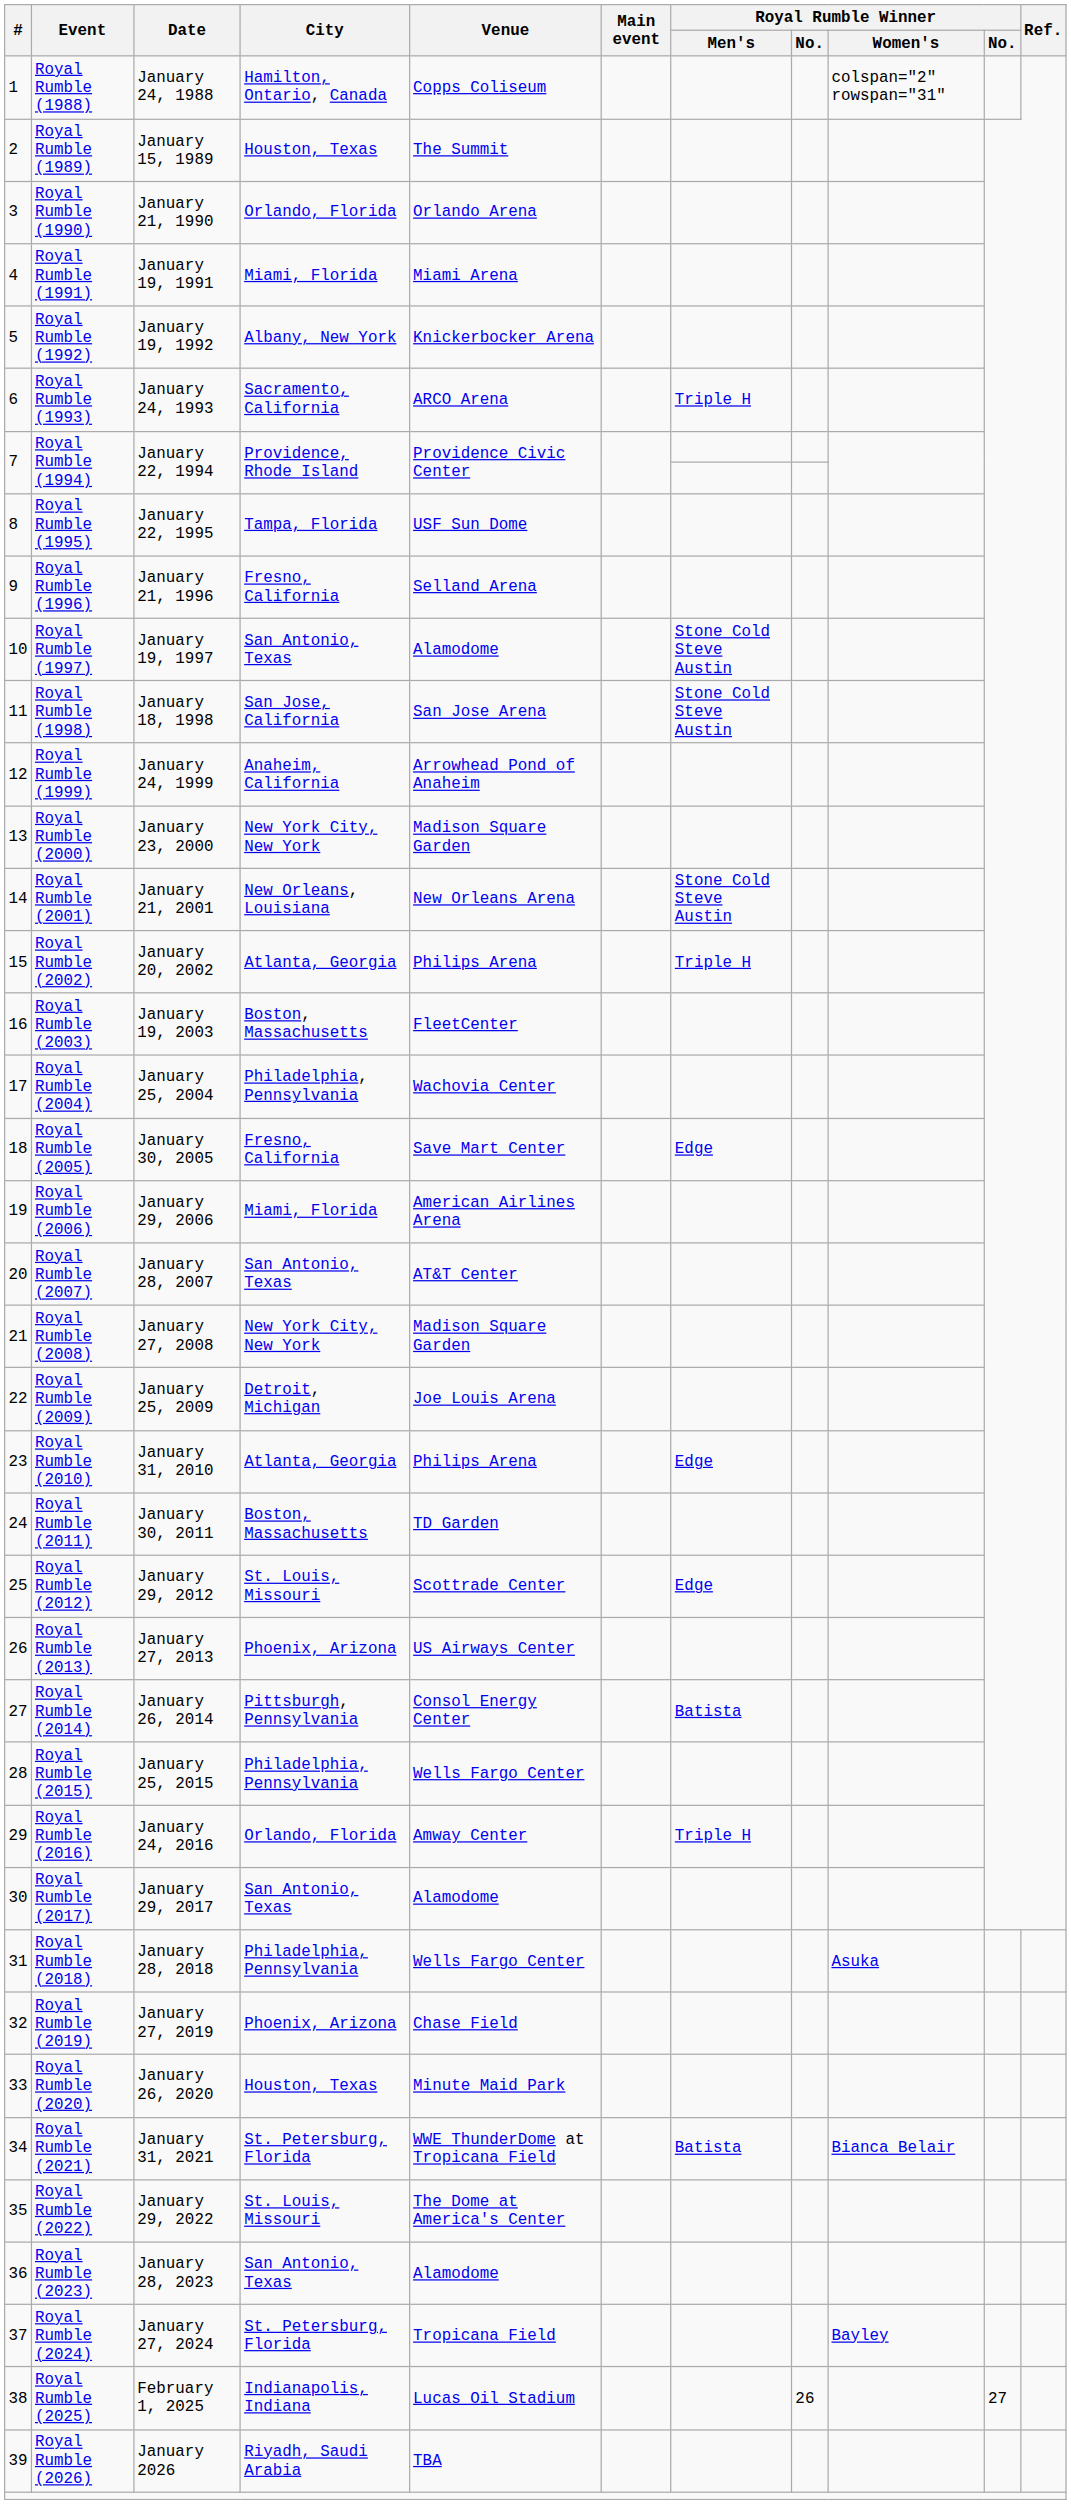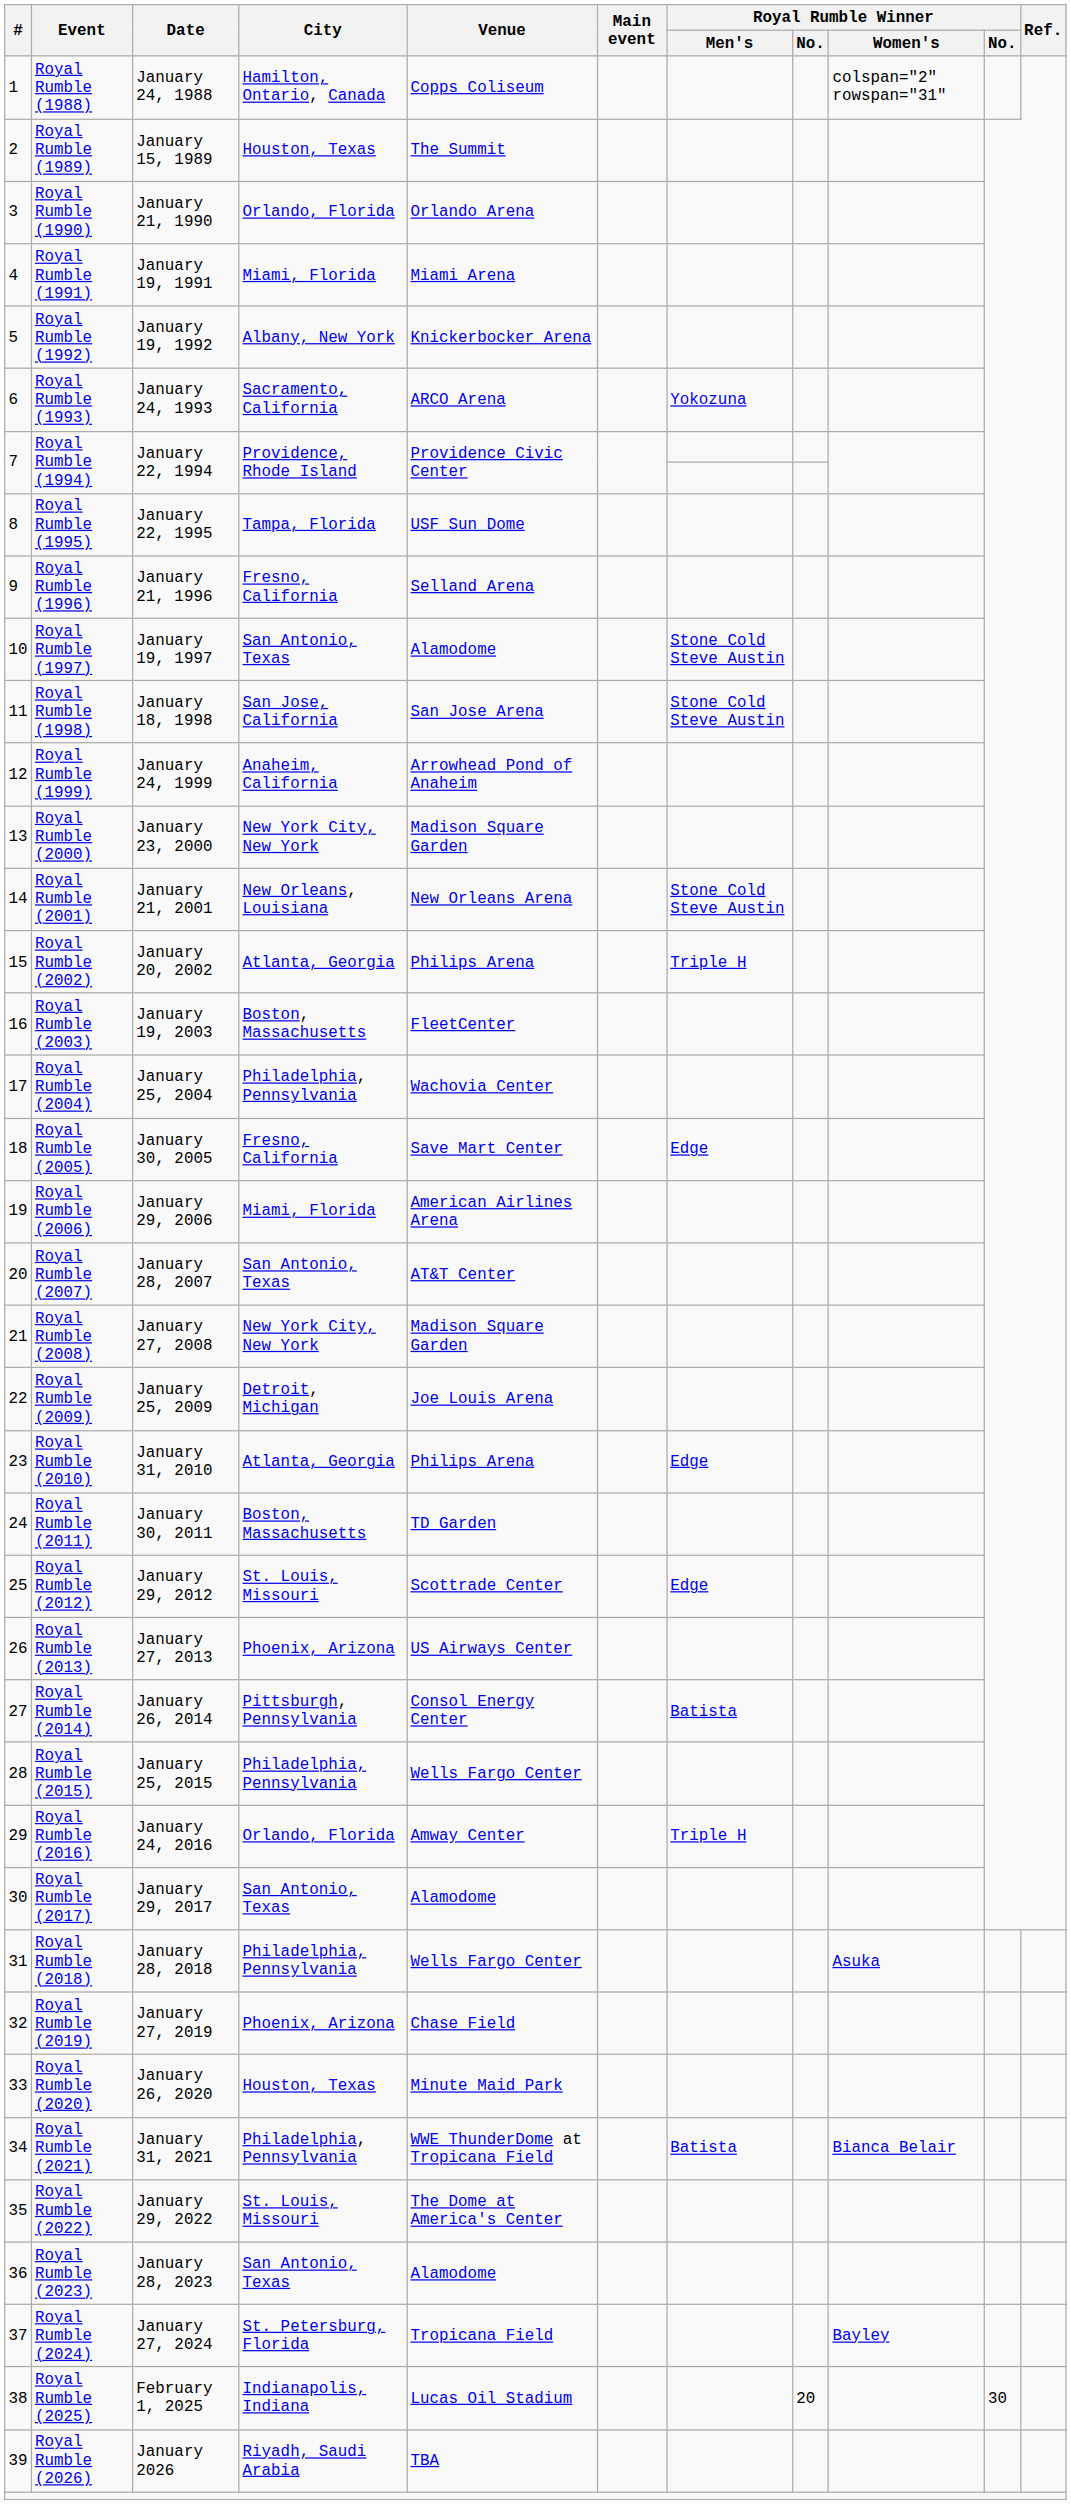 <table class="wikitable plainrowheaders sortable">
 <tr>
 <th rowspan="2" scope="col">#</th>
 <th rowspan="2">Event</th>
 <th rowspan="2">Date</th>
 <th rowspan="2">City</th>
 <th rowspan="2">Venue</th>
 <th rowspan="2">Main event</th>
 <th colspan="4">Royal Rumble Winner</th>
 <th class="unsortable" rowspan="2">Ref.</th>
 </tr>
 <tr>
 <th>Men's</th>
 <th>No.</th>
 <th>Women's</th>
 <th>No.</th>
 </tr>
 <tr>
 <td>1</td>
 <td scope="row"><a href='#'>Royal Rumble (1988)</a></td>
 <td>January 24, 1988</td>
 <td><a href='#'>Hamilton, Ontario</a>, <a href='#'>Canada</a></td>
 <td><a href='#'>Copps Coliseum</a></td>
 <td></td>
 <td></td>
 <td></td>
 <td>colspan="2" rowspan="31" </td>
 <td></td>
 </tr>
 <tr>
 <td>2</td>
 <td scope="row"><a href='#'>Royal Rumble (1989)</a></td>
 <td>January 15, 1989</td>
 <td><a href='#'>Houston, Texas</a></td>
 <td><a href='#'>The Summit</a></td>
 <td></td>
 <td></td>
 <td></td>
 <td></td>
 </tr>
 <tr>
 <td>3</td>
 <td scope="row"><a href='#'>Royal Rumble (1990)</a></td>
 <td>January 21, 1990</td>
 <td><a href='#'>Orlando, Florida</a></td>
 <td><a href='#'>Orlando Arena</a></td>
 <td></td>
 <td></td>
 <td></td>
 <td></td>
 </tr>
 <tr>
 <td>4</td>
 <td scope="row"><a href='#'>Royal Rumble (1991)</a></td>
 <td>January 19, 1991</td>
 <td><a href='#'>Miami, Florida</a></td>
 <td><a href='#'>Miami Arena</a></td>
 <td></td>
 <td></td>
 <td></td>
 <td></td>
 </tr>
 <tr>
 <td>5</td>
 <td scope="row"><a href='#'>Royal Rumble (1992)</a></td>
 <td>January 19, 1992</td>
 <td><a href='#'>Albany, New York</a></td>
 <td><a href='#'>Knickerbocker Arena</a></td>
 <td></td>
 <td></td>
 <td></td>
 <td></td>
 </tr>
 <tr>
 <td>6</td>
 <td scope="row"><a href='#'>Royal Rumble (1993)</a></td>
 <td>January 24, 1993</td>
 <td><a href='#'>Sacramento, California</a></td>
 <td><a href='#'>ARCO Arena</a></td>
 <td></td>
-<td><a href='#'>Triple H</a></td>
+<td><a href='#'>Yokozuna</a></td>
 <td></td>
 <td></td>
 </tr>
 <tr>
 <td rowspan="2">7</td>
 <td rowspan="2" scope="row"><a href='#'>Royal Rumble (1994)</a></td>
 <td rowspan="2">January 22, 1994</td>
 <td rowspan="2"><a href='#'>Providence, Rhode Island</a></td>
 <td rowspan="2"><a href='#'>Providence Civic Center</a></td>
 <td rowspan="2"></td>
 <td></td>
 <td></td>
 <td rowspan="2"></td>
 </tr>
 <tr>
 <td></td>
 <td></td>
 </tr>
 <tr>
 <td>8</td>
 <td scope="row"><a href='#'>Royal Rumble (1995)</a></td>
 <td>January 22, 1995</td>
 <td><a href='#'>Tampa, Florida</a></td>
 <td><a href='#'>USF Sun Dome</a></td>
 <td></td>
 <td></td>
 <td></td>
 <td></td>
 </tr>
 <tr>
 <td>9</td>
 <td scope="row"><a href='#'>Royal Rumble (1996)</a></td>
 <td>January 21, 1996</td>
 <td><a href='#'>Fresno, California</a></td>
 <td><a href='#'>Selland Arena</a></td>
 <td></td>
 <td></td>
 <td></td>
 <td></td>
 </tr>
 <tr>
 <td>10</td>
 <td scope="row"><a href='#'>Royal Rumble (1997)</a></td>
 <td>January 19, 1997</td>
 <td><a href='#'>San Antonio, Texas</a></td>
 <td><a href='#'>Alamodome</a></td>
 <td></td>
 <td><a href='#'>Stone Cold Steve Austin</a></td>
 <td></td>
 <td></td>
 </tr>
 <tr>
 <td>11</td>
 <td scope="row"><a href='#'>Royal Rumble (1998)</a></td>
 <td>January 18, 1998</td>
 <td><a href='#'>San Jose, California</a></td>
 <td><a href='#'>San Jose Arena</a></td>
 <td></td>
 <td><a href='#'>Stone Cold Steve Austin</a></td>
 <td></td>
 <td></td>
 </tr>
 <tr>
 <td>12</td>
 <td scope="row"><a href='#'>Royal Rumble (1999)</a></td>
 <td>January 24, 1999</td>
 <td><a href='#'>Anaheim, California</a></td>
 <td><a href='#'>Arrowhead Pond of Anaheim</a></td>
 <td></td>
 <td></td>
 <td></td>
 <td></td>
 </tr>
 <tr>
 <td>13</td>
 <td scope="row"><a href='#'>Royal Rumble (2000)</a></td>
 <td>January 23, 2000</td>
 <td><a href='#'>New York City, New York</a></td>
 <td><a href='#'>Madison Square Garden</a></td>
 <td></td>
 <td></td>
 <td></td>
 <td></td>
 </tr>
 <tr>
 <td>14</td>
 <td scope="row"><a href='#'>Royal Rumble (2001)</a></td>
 <td>January 21, 2001</td>
 <td><a href='#'>New Orleans</a>, <a href='#'>Louisiana</a></td>
 <td><a href='#'>New Orleans Arena</a></td>
 <td></td>
 <td><a href='#'>Stone Cold Steve Austin</a></td>
 <td></td>
 <td></td>
 </tr>
 <tr>
 <td>15</td>
 <td scope="row"><a href='#'>Royal Rumble (2002)</a></td>
 <td>January 20, 2002</td>
 <td><a href='#'>Atlanta, Georgia</a></td>
 <td><a href='#'>Philips Arena</a></td>
 <td></td>
 <td><a href='#'>Triple H</a></td>
 <td></td>
 <td></td>
 </tr>
 <tr>
 <td>16</td>
 <td scope="row"><a href='#'>Royal Rumble (2003)</a></td>
 <td>January 19, 2003</td>
 <td><a href='#'>Boston</a>, <a href='#'>Massachusetts</a></td>
 <td><a href='#'>FleetCenter</a></td>
 <td></td>
 <td></td>
 <td></td>
 <td></td>
 </tr>
 <tr>
 <td>17</td>
 <td scope="row"><a href='#'>Royal Rumble (2004)</a></td>
 <td>January 25, 2004</td>
 <td><a href='#'>Philadelphia</a>, <a href='#'>Pennsylvania</a></td>
 <td><a href='#'>Wachovia Center</a></td>
 <td></td>
 <td></td>
 <td></td>
 <td></td>
 </tr>
 <tr>
 <td>18</td>
 <td scope="row"><a href='#'>Royal Rumble (2005)</a></td>
 <td>January 30, 2005</td>
 <td><a href='#'>Fresno, California</a></td>
 <td><a href='#'>Save Mart Center</a></td>
 <td></td>
 <td><a href='#'>Edge</a></td>
 <td></td>
 <td></td>
 </tr>
 <tr>
 <td>19</td>
 <td scope="row"><a href='#'>Royal Rumble (2006)</a></td>
 <td>January 29, 2006</td>
 <td><a href='#'>Miami, Florida</a></td>
 <td><a href='#'>American Airlines Arena</a></td>
 <td></td>
 <td></td>
 <td></td>
 <td></td>
 </tr>
 <tr>
 <td>20</td>
 <td scope="row"><a href='#'>Royal Rumble (2007)</a></td>
 <td>January 28, 2007</td>
 <td><a href='#'>San Antonio, Texas</a></td>
 <td><a href='#'>AT&T Center</a></td>
 <td></td>
 <td></td>
 <td></td>
 <td></td>
 </tr>
 <tr>
 <td>21</td>
 <td scope="row"><a href='#'>Royal Rumble (2008)</a></td>
 <td>January 27, 2008</td>
 <td><a href='#'>New York City, New York</a></td>
 <td><a href='#'>Madison Square Garden</a></td>
 <td></td>
 <td></td>
 <td></td>
 <td></td>
 </tr>
 <tr>
 <td>22</td>
 <td scope="row"><a href='#'>Royal Rumble (2009)</a></td>
 <td>January 25, 2009</td>
 <td><a href='#'>Detroit</a>, <a href='#'>Michigan</a></td>
 <td><a href='#'>Joe Louis Arena</a></td>
 <td></td>
 <td></td>
 <td></td>
 <td></td>
 </tr>
 <tr>
 <td>23</td>
 <td scope="row"><a href='#'>Royal Rumble (2010)</a></td>
 <td>January 31, 2010</td>
 <td><a href='#'>Atlanta, Georgia</a></td>
 <td><a href='#'>Philips Arena</a></td>
 <td></td>
 <td><a href='#'>Edge</a></td>
 <td></td>
 <td></td>
 </tr>
 <tr>
 <td>24</td>
 <td scope="row"><a href='#'>Royal Rumble (2011)</a></td>
 <td>January 30, 2011</td>
 <td><a href='#'>Boston, Massachusetts</a></td>
 <td><a href='#'>TD Garden</a></td>
 <td></td>
 <td></td>
 <td></td>
 <td></td>
 </tr>
 <tr>
 <td>25</td>
 <td scope="row"><a href='#'>Royal Rumble (2012)</a></td>
 <td>January 29, 2012</td>
 <td><a href='#'>St. Louis, Missouri</a></td>
 <td><a href='#'>Scottrade Center</a></td>
 <td></td>
 <td><a href='#'>Edge</a></td>
 <td></td>
 <td></td>
 </tr>
 <tr>
 <td>26</td>
 <td scope="row"><a href='#'>Royal Rumble (2013)</a></td>
 <td>January 27, 2013</td>
 <td><a href='#'>Phoenix, Arizona</a></td>
 <td><a href='#'>US Airways Center</a></td>
 <td></td>
 <td></td>
 <td></td>
 <td></td>
 </tr>
 <tr>
 <td>27</td>
 <td scope="row"><a href='#'>Royal Rumble (2014)</a></td>
 <td>January 26, 2014</td>
 <td><a href='#'>Pittsburgh</a>, <a href='#'>Pennsylvania</a></td>
 <td><a href='#'>Consol Energy Center</a></td>
 <td></td>
 <td><a href='#'>Batista</a></td>
 <td></td>
 <td></td>
 </tr>
 <tr>
 <td>28</td>
 <td scope="row"><a href='#'>Royal Rumble (2015)</a></td>
 <td>January 25, 2015</td>
 <td><a href='#'>Philadelphia, Pennsylvania</a></td>
 <td><a href='#'>Wells Fargo Center</a></td>
 <td></td>
 <td></td>
 <td></td>
 <td></td>
 </tr>
 <tr>
 <td>29</td>
 <td scope="row"><a href='#'>Royal Rumble (2016)</a></td>
 <td>January 24, 2016</td>
 <td><a href='#'>Orlando, Florida</a></td>
 <td><a href='#'>Amway Center</a></td>
 <td></td>
 <td><a href='#'>Triple H</a></td>
 <td></td>
 <td></td>
 </tr>
 <tr>
 <td>30</td>
 <td scope="row"><a href='#'>Royal Rumble (2017)</a></td>
 <td>January 29, 2017</td>
 <td><a href='#'>San Antonio, Texas</a></td>
 <td><a href='#'>Alamodome</a></td>
 <td></td>
 <td></td>
 <td></td>
 <td></td>
 </tr>
 <tr>
 <td>31</td>
 <td scope="row"><a href='#'>Royal Rumble (2018)</a></td>
 <td>January 28, 2018</td>
 <td><a href='#'>Philadelphia, Pennsylvania</a></td>
 <td><a href='#'>Wells Fargo Center</a></td>
 <td></td>
 <td></td>
 <td></td>
 <td><a href='#'>Asuka</a></td>
 <td></td>
 <td></td>
 </tr>
 <tr>
 <td>32</td>
 <td scope="row"><a href='#'>Royal Rumble (2019)</a></td>
 <td>January 27, 2019</td>
 <td><a href='#'>Phoenix, Arizona</a></td>
 <td><a href='#'>Chase Field</a></td>
 <td></td>
 <td></td>
 <td></td>
 <td></td>
 <td></td>
 <td></td>
 </tr>
 <tr>
 <td>33</td>
 <td scope="row"><a href='#'>Royal Rumble (2020)</a></td>
 <td>January 26, 2020</td>
 <td><a href='#'>Houston, Texas</a></td>
 <td><a href='#'>Minute Maid Park</a></td>
 <td></td>
 <td></td>
 <td></td>
 <td></td>
 <td></td>
 <td></td>
 </tr>
 <tr>
 <td>34</td>
 <td scope="row"><a href='#'>Royal Rumble (2021)</a></td>
 <td>January 31, 2021</td>
-<td><a href='#'>St. Petersburg, Florida</a></td>
+<td><a href='#'>Philadelphia</a>, <a href='#'>Pennsylvania</a></td>
 <td><a href='#'>WWE ThunderDome</a> at <a href='#'>Tropicana Field</a></td>
 <td></td>
 <td><a href='#'>Batista</a></td>
 <td></td>
 <td><a href='#'>Bianca Belair</a></td>
 <td></td>
 <td></td>
 </tr>
 <tr>
 <td>35</td>
 <td scope="row"><a href='#'>Royal Rumble (2022)</a></td>
 <td>January 29, 2022</td>
 <td><a href='#'>St. Louis, Missouri</a></td>
 <td><a href='#'>The Dome at America's Center</a></td>
 <td></td>
 <td></td>
 <td></td>
 <td></td>
 <td></td>
 <td></td>
 </tr>
 <tr>
 <td>36</td>
 <td scope="row"><a href='#'>Royal Rumble (2023)</a></td>
 <td>January 28, 2023</td>
 <td><a href='#'>San Antonio, Texas</a></td>
 <td><a href='#'>Alamodome</a></td>
 <td></td>
 <td></td>
 <td></td>
 <td></td>
 <td></td>
 <td></td>
 </tr>
 <tr>
 <td>37</td>
 <td><a href='#'>Royal Rumble (2024)</a></td>
 <td>January 27, 2024</td>
 <td><a href='#'>St. Petersburg, Florida</a></td>
 <td><a href='#'>Tropicana Field</a></td>
 <td></td>
 <td></td>
 <td></td>
 <td><a href='#'>Bayley</a></td>
 <td></td>
 <td></td>
 </tr>
 <tr>
 <td>38</td>
 <td><a href='#'>Royal Rumble (2025)</a></td>
 <td>February 1, 2025</td>
 <td><a href='#'>Indianapolis, Indiana</a></td>
 <td><a href='#'>Lucas Oil Stadium</a></td>
 <td></td>
 <td></td>
-<td>26</td>
+<td>20</td>
 <td></td>
-<td>27</td>
+<td>30</td>
 <td></td>
 </tr>
 <tr>
 <td>39</td>
 <td><a href='#'>Royal Rumble (2026)</a></td>
 <td>January 2026</td>
 <td><a href='#'>Riyadh, Saudi Arabia</a></td>
 <td><a href='#'>TBA</a></td>
 <td></td>
 <td></td>
 <td></td>
 <td></td>
 <td></td>
 <td></td>
 </tr>
 <tr>
 <td colspan="11"></td>
 </tr>
 </table>
